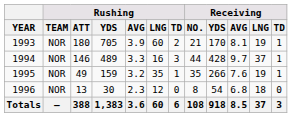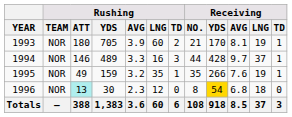 <table class=wikitable style="text-align:center">
 <tr>
 <th></th>
 <th colspan="6" style="background:#e7e3e7;">Rushing</th>
 <th colspan="5" style="background:#e7e3e7;">Receiving</th>
 </tr>
 <tr>
 <th>YEAR</th>
 <th>TEAM</th>
 <th>ATT</th>
 <th>YDS</th>
 <th>AVG</th>
 <th>LNG</th>
 <th>TD</th>
 <th>NO.</th>
 <th>YDS</th>
 <th>AVG</th>
 <th>LNG</th>
 <th>TD</th>
 </tr>
 <tr>
 <td>1993</td>
 <td>NOR</td>
 <td>180</td>
 <td>705</td>
 <td>3.9</td>
 <td>60</td>
 <td>2</td>
 <td>21</td>
 <td>170</td>
 <td>8.1</td>
 <td>19</td>
 <td>1</td>
 </tr>
 <tr>
 <td>1994</td>
 <td>NOR</td>
 <td>146</td>
 <td>489</td>
 <td>3.3</td>
 <td>16</td>
 <td>3</td>
 <td>44</td>
 <td>428</td>
 <td>9.7</td>
 <td>37</td>
 <td>1</td>
 </tr>
 <tr>
 <td>1995</td>
 <td>NOR</td>
 <td>49</td>
 <td>159</td>
 <td>3.2</td>
 <td>35</td>
 <td>1</td>
 <td>35</td>
 <td>266</td>
 <td>7.6</td>
 <td>19</td>
 <td>1</td>
 </tr>
 <tr>
 <td>1996</td>
 <td>NOR</td>
-<td>13</td>
+<td style="background: paleturquoise;">13</td>
 <td>30</td>
 <td>2.3</td>
 <td>12</td>
 <td>0</td>
 <td>8</td>
-<td>54</td>
+<td style="background: gold;">54</td>
 <td>6.8</td>
 <td>18</td>
 <td>0</td>
 </tr>
 <tr>
 <th>Totals</th>
 <th>—</th>
 <th>388</th>
 <th>1,383</th>
 <th>3.6</th>
 <th>60</th>
 <th>6</th>
 <th>108</th>
 <th>918</th>
 <th>8.5</th>
 <th>37</th>
 <th>3</th>
 </tr>
 </table>
